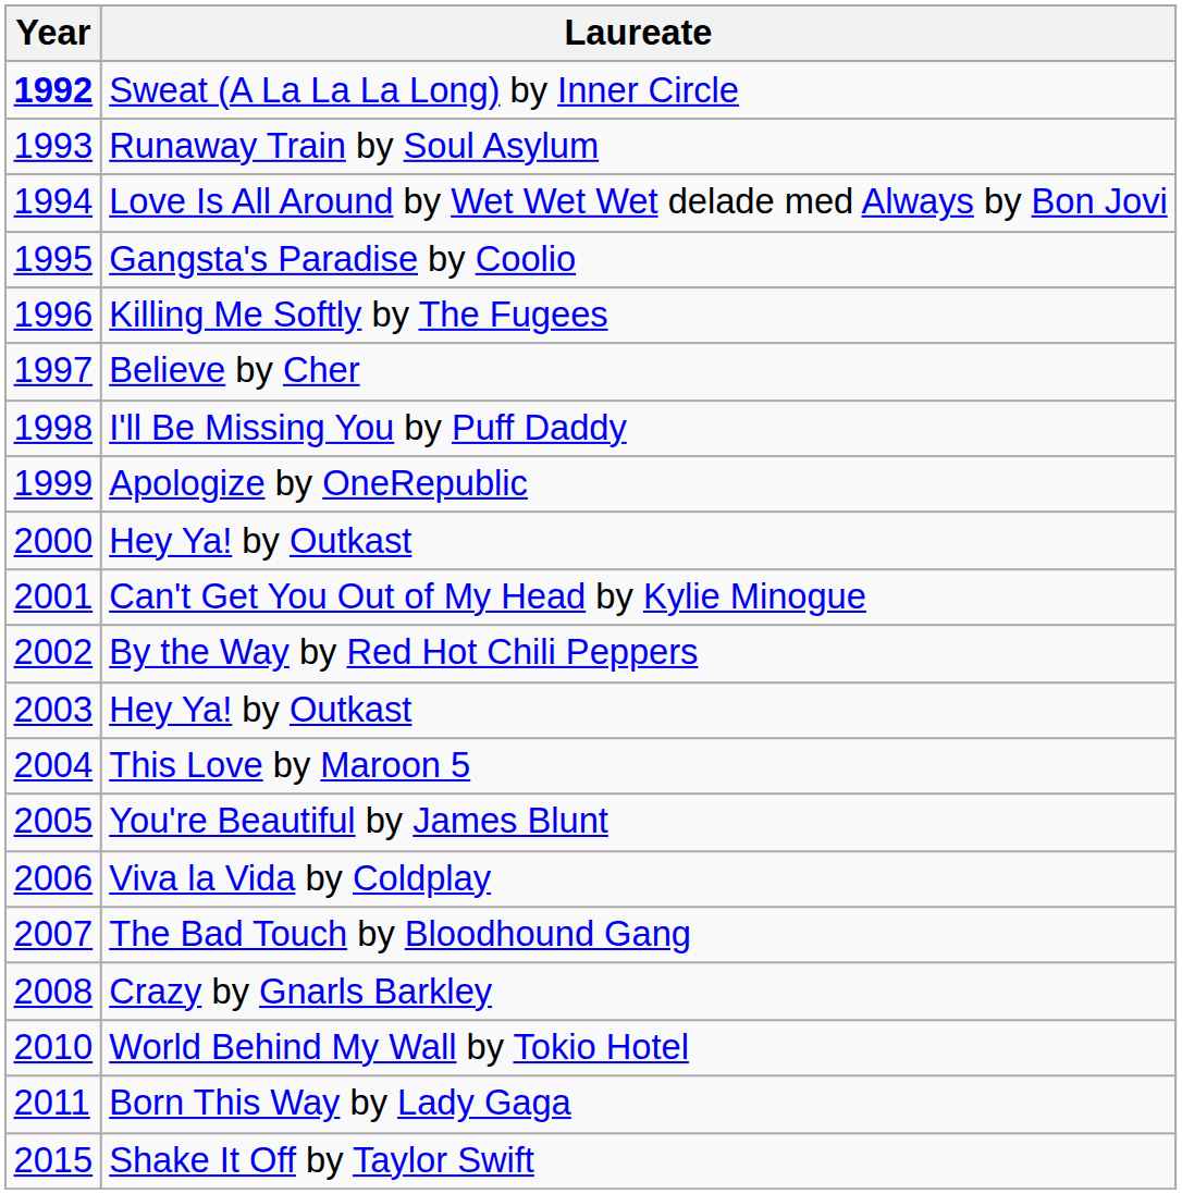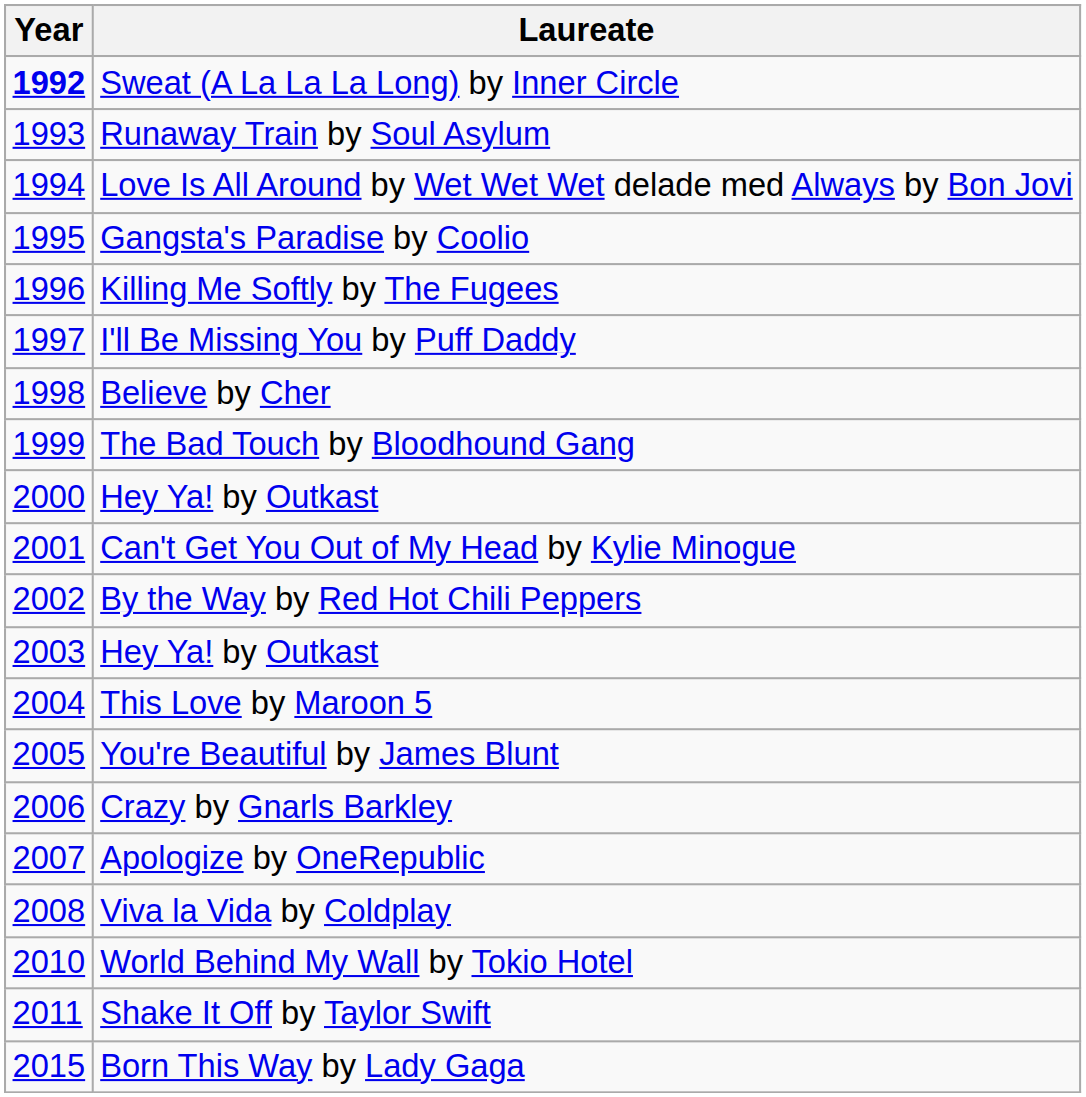 <table class="wikitable">
 <tr>
 <th>Year</th>
 <th>Laureate</th>
 </tr>
 <tr>
 <td><strong><a href='#'>1992</a></strong></td>
 <td><a href='#'>Sweat (A La La La Long)</a> by <a href='#'>Inner Circle</a></td>
 </tr>
 <tr>
 <td><a href='#'>1993</a></td>
 <td><a href='#'>Runaway Train</a> by <a href='#'>Soul Asylum</a></td>
 </tr>
 <tr>
 <td><a href='#'>1994</a></td>
 <td><a href='#'>Love Is All Around</a> by <a href='#'>Wet Wet Wet</a> delade med <a href='#'>Always</a> by <a href='#'>Bon Jovi</a></td>
 </tr>
 <tr>
 <td><a href='#'>1995</a></td>
 <td><a href='#'>Gangsta's Paradise</a> by <a href='#'>Coolio</a></td>
 </tr>
 <tr>
 <td><a href='#'>1996</a></td>
 <td><a href='#'>Killing Me Softly</a> by <a href='#'>The Fugees</a></td>
 </tr>
 <tr>
 <td><a href='#'>1997</a></td>
+<td><a href='#'>I'll Be Missing You</a> by <a href='#'>Puff Daddy</a></td>
+</tr>
+<tr>
+<td><a href='#'>1998</a></td>
 <td><a href='#'>Believe</a> by <a href='#'>Cher</a></td>
 </tr>
 <tr>
-<td><a href='#'>1998</a></td>
-<td><a href='#'>I'll Be Missing You</a> by <a href='#'>Puff Daddy</a></td>
-</tr>
-<tr>
 <td><a href='#'>1999</a></td>
-<td><a href='#'>Apologize</a> by <a href='#'>OneRepublic</a></td>
+<td><a href='#'>The Bad Touch</a> by <a href='#'>Bloodhound Gang</a></td>
 </tr>
 <tr>
 <td><a href='#'>2000</a></td>
 <td><a href='#'>Hey Ya!</a> by <a href='#'>Outkast</a></td>
 </tr>
 <tr>
 <td><a href='#'>2001</a></td>
 <td><a href='#'>Can't Get You Out of My Head</a> by <a href='#'>Kylie Minogue</a></td>
 </tr>
 <tr>
 <td><a href='#'>2002</a></td>
 <td><a href='#'>By the Way</a> by <a href='#'>Red Hot Chili Peppers</a></td>
 </tr>
 <tr>
 <td><a href='#'>2003</a></td>
 <td><a href='#'>Hey Ya!</a> by <a href='#'>Outkast</a></td>
 </tr>
 <tr>
 <td><a href='#'>2004</a></td>
 <td><a href='#'>This Love</a> by <a href='#'>Maroon 5</a></td>
 </tr>
 <tr>
 <td><a href='#'>2005</a></td>
 <td><a href='#'>You're Beautiful</a> by <a href='#'>James Blunt</a></td>
 </tr>
 <tr>
 <td><a href='#'>2006</a></td>
-<td><a href='#'>Viva la Vida</a> by  <a href='#'>Coldplay</a></td>
+<td><a href='#'>Crazy</a> by <a href='#'>Gnarls Barkley</a></td>
 </tr>
 <tr>
 <td><a href='#'>2007</a></td>
-<td><a href='#'>The Bad Touch</a> by <a href='#'>Bloodhound Gang</a></td>
+<td><a href='#'>Apologize</a> by <a href='#'>OneRepublic</a></td>
 </tr>
 <tr>
 <td><a href='#'>2008</a></td>
-<td><a href='#'>Crazy</a> by <a href='#'>Gnarls Barkley</a></td>
+<td><a href='#'>Viva la Vida</a> by  <a href='#'>Coldplay</a></td>
 </tr>
 <tr>
 <td><a href='#'>2010</a></td>
 <td><a href='#'>World Behind My Wall</a> by <a href='#'>Tokio Hotel</a></td>
 </tr>
 <tr>
 <td><a href='#'>2011</a></td>
-<td><a href='#'>Born This Way</a> by <a href='#'>Lady Gaga</a></td>
+<td><a href='#'>Shake It Off</a> by <a href='#'>Taylor Swift</a></td>
 </tr>
 <tr>
 <td><a href='#'>2015</a></td>
-<td><a href='#'>Shake It Off</a> by <a href='#'>Taylor Swift</a></td>
+<td><a href='#'>Born This Way</a> by <a href='#'>Lady Gaga</a></td>
 </tr>
 </table>
